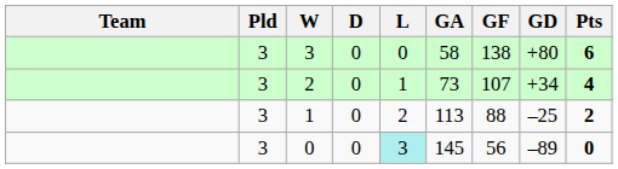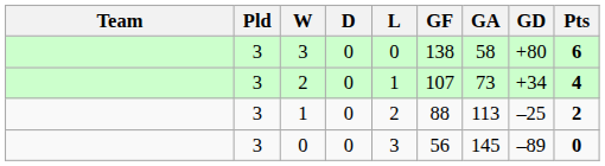 <table class="wikitable" style="text-align: center;">
 <tr>
 <th width="180">Team</th>
 <th width="30">Pld</th>
 <th width="30">W</th>
 <th width="30">D</th>
 <th width="30">L</th>
+<th width="30">GF</th>
 <th width="30">GA</th>
-<th width="30">GF</th>
 <th width="30">GD</th>
 <th width="30">Pts</th>
 </tr>
 <tr bgcolor=#CCFFCC>
 <td align="left"></td>
 <td>3</td>
 <td>3</td>
 <td>0</td>
 <td>0</td>
+<td>138</td>
 <td>58</td>
-<td>138</td>
 <td>+80</td>
 <td><strong>6</strong></td>
 </tr>
 <tr bgcolor=#CCFFCC>
 <td align="left"></td>
 <td>3</td>
 <td>2</td>
 <td>0</td>
 <td>1</td>
+<td>107</td>
 <td>73</td>
-<td>107</td>
 <td>+34</td>
 <td><strong>4</strong></td>
 </tr>
 <tr>
 <td align="left"></td>
 <td>3</td>
 <td>1</td>
 <td>0</td>
 <td>2</td>
+<td>88</td>
 <td>113</td>
-<td>88</td>
 <td>–25</td>
 <td><strong>2</strong></td>
 </tr>
 <tr>
 <td align="left"></td>
 <td>3</td>
 <td>0</td>
 <td>0</td>
-<td style="background: paleturquoise;">3</td>
+<td>3</td>
+<td>56</td>
 <td>145</td>
-<td>56</td>
 <td>–89</td>
 <td><strong>0</strong></td>
 </tr>
 </table>
